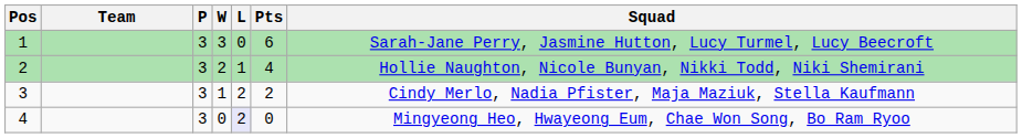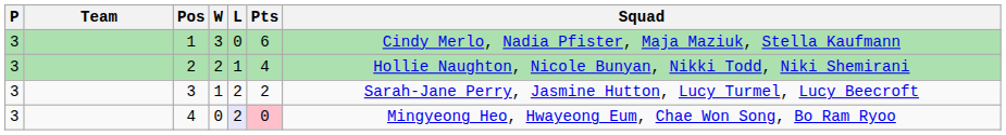 <table class="wikitable" style="font-size: 100%">
 <tr>
+<th width=10>P</th>
+<th width=120>Team</th>
 <th width=20>Pos</th>
-<th width=120>Team</th>
-<th width=10>P</th>
 <th width=10>W</th>
 <th width=10>L</th>
 <th width=20>Pts</th>
 <th width=600>Squad</th>
 </tr>
 <tr align=center style="background:#ACE1AF;">
+<td>3</td>
+<td align="left"></td>
 <td>1</td>
-<td align="left"></td>
-<td>3</td>
 <td>3</td>
 <td>0</td>
 <td>6</td>
-<td><a href='#'>Sarah-Jane Perry</a>, <a href='#'>Jasmine Hutton</a>, <a href='#'>Lucy Turmel</a>, <a href='#'>Lucy Beecroft</a></td>
+<td><a href='#'>Cindy Merlo</a>, <a href='#'>Nadia Pfister</a>, <a href='#'>Maja Maziuk</a>, <a href='#'>Stella Kaufmann</a></td>
 </tr>
 <tr align=center style="background:#ACE1AF;">
+<td>3</td>
+<td align="left"></td>
 <td>2</td>
-<td align="left"></td>
-<td>3</td>
 <td>2</td>
 <td>1</td>
 <td>4</td>
 <td><a href='#'>Hollie Naughton</a>, <a href='#'>Nicole Bunyan</a>, <a href='#'>Nikki Todd</a>, <a href='#'>Niki Shemirani</a></td>
 </tr>
 <tr align=center>
 <td>3</td>
 <td align="left"></td>
 <td>3</td>
 <td>1</td>
 <td>2</td>
 <td>2</td>
-<td><a href='#'>Cindy Merlo</a>, <a href='#'>Nadia Pfister</a>, <a href='#'>Maja Maziuk</a>, <a href='#'>Stella Kaufmann</a></td>
+<td><a href='#'>Sarah-Jane Perry</a>, <a href='#'>Jasmine Hutton</a>, <a href='#'>Lucy Turmel</a>, <a href='#'>Lucy Beecroft</a></td>
 </tr>
 <tr align=center>
+<td>3</td>
+<td align="left"></td>
 <td>4</td>
-<td align="left"></td>
-<td>3</td>
 <td>0</td>
 <td style="background: lavender;">2</td>
-<td>0</td>
+<td style="background: pink;">0</td>
 <td><a href='#'>Mingyeong Heo</a>, <a href='#'>Hwayeong Eum</a>, <a href='#'>Chae Won Song</a>, <a href='#'>Bo Ram Ryoo</a></td>
 </tr>
 </table>
